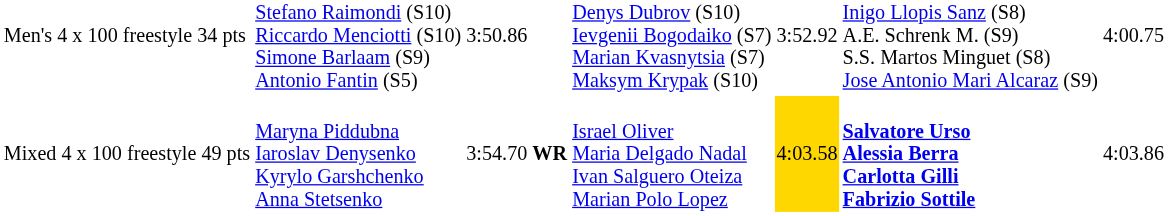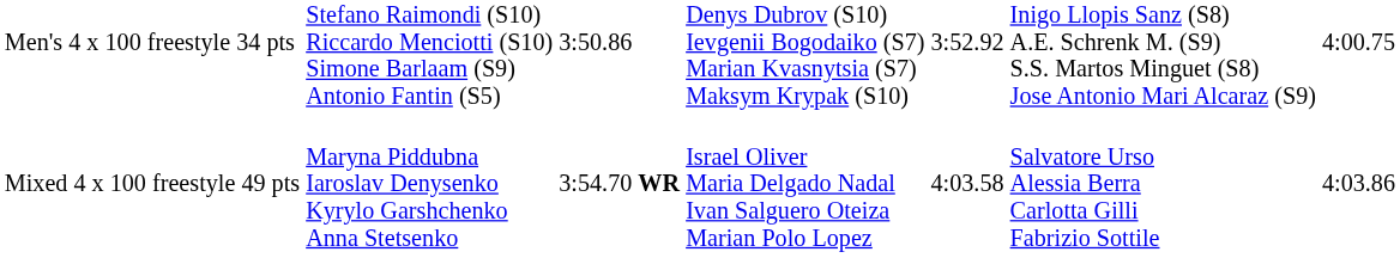 <table>
 <tr>
 <td>Men's 4 x 100 freestyle 34 pts</td>
 <td> <br><a href='#'>Stefano Raimondi</a> (S10)<br><a href='#'>Riccardo Menciotti</a> (S10)<br><a href='#'>Simone Barlaam</a> (S9)<br><a href='#'>Antonio Fantin</a> (S5)</td>
 <td>3:50.86</td>
 <td> <br><a href='#'>Denys Dubrov</a> (S10)<br><a href='#'>Ievgenii Bogodaiko</a> (S7)<br><a href='#'>Marian Kvasnytsia</a> (S7)<br><a href='#'>Maksym Krypak</a> (S10)</td>
 <td>3:52.92</td>
 <td> <br><a href='#'>Inigo Llopis Sanz</a> (S8)<br>A.E. Schrenk M. (S9)<br>S.S. Martos Minguet (S8)<br><a href='#'>Jose Antonio Mari Alcaraz</a> (S9)</td>
 <td>4:00.75</td>
 </tr>
 <tr>
 <td>Mixed 4 x 100 freestyle 49 pts</td>
 <td> <br><a href='#'>Maryna Piddubna</a><br><a href='#'>Iaroslav Denysenko</a><br><a href='#'>Kyrylo Garshchenko</a><br><a href='#'>Anna Stetsenko</a></td>
 <td>3:54.70 <strong>WR</strong></td>
 <td> <br><a href='#'>Israel Oliver</a><br><a href='#'>Maria Delgado Nadal</a><br><a href='#'>Ivan Salguero Oteiza</a><br><a href='#'>Marian Polo Lopez</a></td>
-<td style="background: gold;">4:03.58</td>
-<td><strong> <br><a href='#'>Salvatore Urso</a><br><a href='#'>Alessia Berra</a><br><a href='#'>Carlotta Gilli</a><br><a href='#'>Fabrizio Sottile</a></strong></td>
+<td>4:03.58</td>
+<td> <br><a href='#'>Salvatore Urso</a><br><a href='#'>Alessia Berra</a><br><a href='#'>Carlotta Gilli</a><br><a href='#'>Fabrizio Sottile</a></td>
 <td>4:03.86</td>
 </tr>
 <tr>
 <td colspan=7></td>
 </tr>
 </table>
